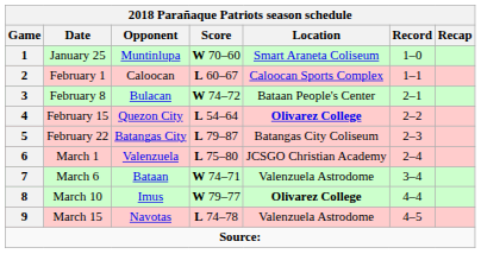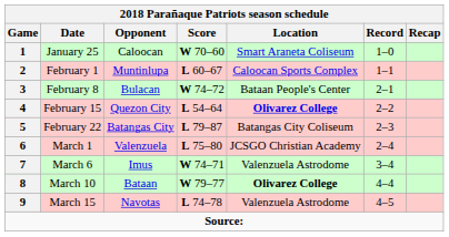 <table class="wikitable" style="text-align:center">
 <tr>
 <th colspan=7>2018 Parañaque Patriots season schedule</th>
 </tr>
 <tr>
 <th>Game</th>
 <th>Date</th>
 <th>Opponent</th>
 <th>Score</th>
 <th>Location</th>
 <th>Record</th>
 <th>Recap</th>
 </tr>
 <tr style="background:#cfc">
 <th>1</th>
 <td>January 25</td>
-<td><a href='#'>Muntinlupa</a></td>
+<td>Caloocan</td>
 <td><strong>W</strong> 70–60</td>
 <td><a href='#'>Smart Araneta Coliseum</a></td>
 <td>1–0</td>
 <td></td>
 </tr>
 <tr style="background:#fcc">
 <th>2</th>
 <td>February 1</td>
-<td>Caloocan</td>
+<td><a href='#'>Muntinlupa</a></td>
 <td><strong>L</strong> 60–67</td>
 <td><a href='#'>Caloocan Sports Complex</a></td>
 <td>1–1</td>
 <td></td>
 </tr>
 <tr style="background:#cfc">
 <th>3</th>
 <td>February 8</td>
 <td><a href='#'>Bulacan</a></td>
 <td><strong>W</strong> 74–72</td>
 <td>Bataan People's Center</td>
 <td>2–1</td>
 <td></td>
 </tr>
 <tr style="background:#fcc">
 <th>4</th>
 <td>February 15</td>
 <td><a href='#'>Quezon City</a></td>
 <td><strong>L</strong> 54–64</td>
 <td><strong><a href='#'>Olivarez College</a></strong></td>
 <td>2–2</td>
 <td></td>
 </tr>
 <tr style="background:#fcc">
 <th>5</th>
 <td>February 22</td>
 <td><a href='#'>Batangas City</a></td>
 <td><strong>L</strong> 79–87 </td>
 <td>Batangas City Coliseum</td>
 <td>2–3</td>
 <td></td>
 </tr>
 <tr style="background:#fcc">
 <th>6</th>
 <td>March 1</td>
 <td><a href='#'>Valenzuela</a></td>
 <td><strong>L</strong> 75–80</td>
 <td>JCSGO Christian Academy</td>
 <td>2–4</td>
 <td></td>
 </tr>
 <tr style="background:#cfc">
 <th>7</th>
 <td>March 6</td>
-<td><a href='#'>Bataan</a></td>
+<td><a href='#'>Imus</a></td>
 <td><strong>W</strong> 74–71</td>
 <td>Valenzuela Astrodome</td>
 <td>3–4</td>
 <td></td>
 </tr>
 <tr style="background:#cfc">
 <th>8</th>
 <td>March 10</td>
-<td><a href='#'>Imus</a></td>
+<td><a href='#'>Bataan</a></td>
 <td><strong>W</strong> 79–77</td>
 <td><strong>Olivarez College</strong></td>
 <td>4–4</td>
 <td></td>
 </tr>
 <tr style="background:#fcc">
 <th>9</th>
 <td>March 15</td>
 <td><a href='#'>Navotas</a></td>
 <td><strong>L</strong> 74–78</td>
 <td>Valenzuela Astrodome</td>
 <td>4–5</td>
 <td></td>
 </tr>
 <tr>
 <td colspan=7 align=center><strong>Source: </strong></td>
 </tr>
 </table>
